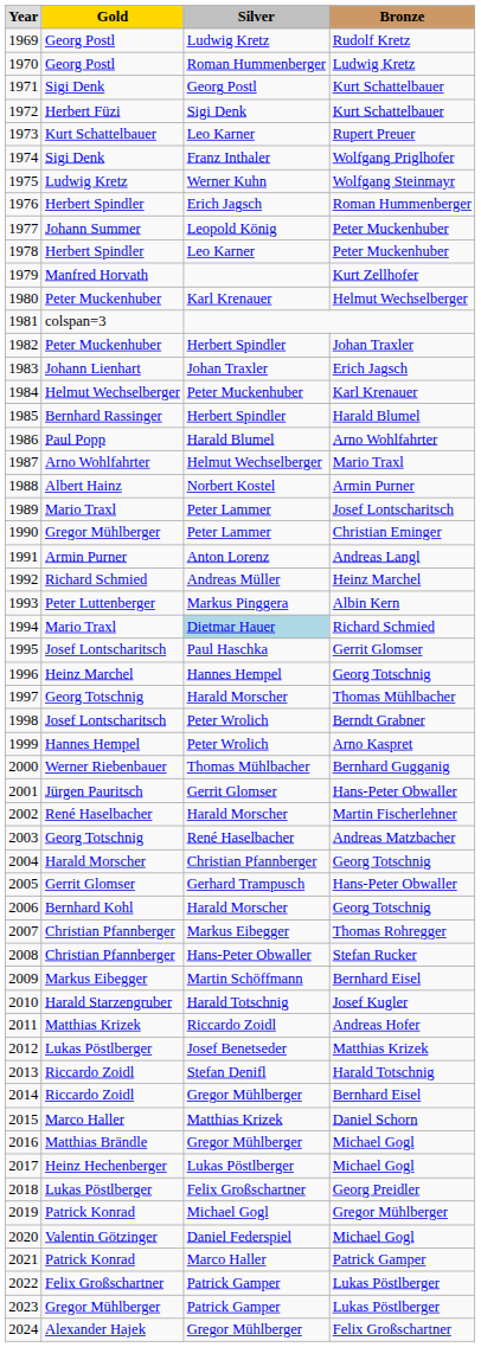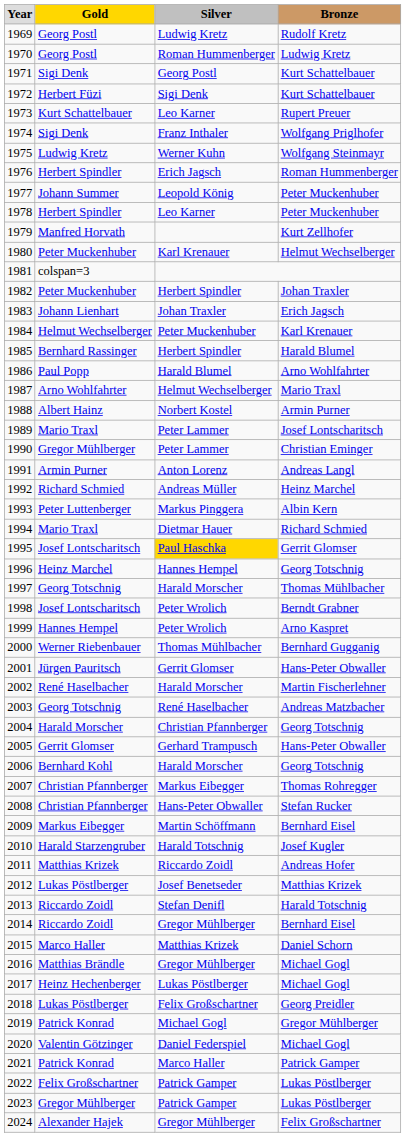 <table class="wikitable" style="text-align:left;">
 <tr>
 <td style="background:#DDDDDD; font-weight:bold; text-align:center;">Year</td>
 <td style="background:gold; font-weight:bold; text-align:center;">Gold</td>
 <td style="background:silver; font-weight:bold; text-align:center;">Silver</td>
 <td style="background:#cc9966; font-weight:bold; text-align:center;">Bronze</td>
 </tr>
 <tr>
 <td>1969</td>
 <td><a href='#'>Georg Postl</a></td>
 <td><a href='#'>Ludwig Kretz</a></td>
 <td><a href='#'>Rudolf Kretz</a></td>
 </tr>
 <tr>
 <td>1970</td>
 <td><a href='#'>Georg Postl</a></td>
 <td><a href='#'>Roman Hummenberger</a></td>
 <td><a href='#'>Ludwig Kretz</a></td>
 </tr>
 <tr>
 <td>1971</td>
 <td><a href='#'>Sigi Denk</a></td>
 <td><a href='#'>Georg Postl</a></td>
 <td><a href='#'>Kurt Schattelbauer</a></td>
 </tr>
 <tr>
 <td>1972</td>
 <td><a href='#'>Herbert Füzi</a></td>
 <td><a href='#'>Sigi Denk</a></td>
 <td><a href='#'>Kurt Schattelbauer</a></td>
 </tr>
 <tr>
 <td>1973</td>
 <td><a href='#'>Kurt Schattelbauer</a></td>
 <td><a href='#'>Leo Karner</a></td>
 <td><a href='#'>Rupert Preuer</a></td>
 </tr>
 <tr>
 <td>1974</td>
 <td><a href='#'>Sigi Denk</a></td>
 <td><a href='#'>Franz Inthaler</a></td>
 <td><a href='#'>Wolfgang Priglhofer</a></td>
 </tr>
 <tr>
 <td>1975</td>
 <td><a href='#'>Ludwig Kretz</a></td>
 <td><a href='#'>Werner Kuhn</a></td>
 <td><a href='#'>Wolfgang Steinmayr</a></td>
 </tr>
 <tr>
 <td>1976</td>
 <td><a href='#'>Herbert Spindler</a></td>
 <td><a href='#'>Erich Jagsch</a></td>
 <td><a href='#'>Roman Hummenberger</a></td>
 </tr>
 <tr>
 <td>1977</td>
 <td><a href='#'>Johann Summer</a></td>
 <td><a href='#'>Leopold König</a></td>
 <td><a href='#'>Peter Muckenhuber</a></td>
 </tr>
 <tr>
 <td>1978</td>
 <td><a href='#'>Herbert Spindler</a></td>
 <td><a href='#'>Leo Karner</a></td>
 <td><a href='#'>Peter Muckenhuber</a></td>
 </tr>
 <tr>
 <td>1979</td>
 <td><a href='#'>Manfred Horvath</a></td>
 <td></td>
 <td><a href='#'>Kurt Zellhofer</a></td>
 </tr>
 <tr>
 <td>1980</td>
 <td><a href='#'>Peter Muckenhuber</a></td>
 <td><a href='#'>Karl Krenauer</a></td>
 <td><a href='#'>Helmut Wechselberger</a></td>
 </tr>
 <tr>
 <td>1981</td>
 <td>colspan=3 </td>
 </tr>
 <tr>
 <td>1982</td>
 <td><a href='#'>Peter Muckenhuber</a></td>
 <td><a href='#'>Herbert Spindler</a></td>
 <td><a href='#'>Johan Traxler</a></td>
 </tr>
 <tr>
 <td>1983</td>
 <td><a href='#'>Johann Lienhart</a></td>
 <td><a href='#'>Johan Traxler</a></td>
 <td><a href='#'>Erich Jagsch</a></td>
 </tr>
 <tr>
 <td>1984</td>
 <td><a href='#'>Helmut Wechselberger</a></td>
 <td><a href='#'>Peter Muckenhuber</a></td>
 <td><a href='#'>Karl Krenauer</a></td>
 </tr>
 <tr>
 <td>1985</td>
 <td><a href='#'>Bernhard Rassinger</a></td>
 <td><a href='#'>Herbert Spindler</a></td>
 <td><a href='#'>Harald Blumel</a></td>
 </tr>
 <tr>
 <td>1986</td>
 <td><a href='#'>Paul Popp</a></td>
 <td><a href='#'>Harald Blumel</a></td>
 <td><a href='#'>Arno Wohlfahrter</a></td>
 </tr>
 <tr>
 <td>1987</td>
 <td><a href='#'>Arno Wohlfahrter</a></td>
 <td><a href='#'>Helmut Wechselberger</a></td>
 <td><a href='#'>Mario Traxl</a></td>
 </tr>
 <tr>
 <td>1988</td>
 <td><a href='#'>Albert Hainz</a></td>
 <td><a href='#'>Norbert Kostel</a></td>
 <td><a href='#'>Armin Purner</a></td>
 </tr>
 <tr>
 <td>1989</td>
 <td><a href='#'>Mario Traxl</a></td>
 <td><a href='#'>Peter Lammer</a></td>
 <td><a href='#'>Josef Lontscharitsch</a></td>
 </tr>
 <tr>
 <td>1990</td>
 <td><a href='#'>Gregor Mühlberger</a></td>
 <td><a href='#'>Peter Lammer</a></td>
 <td><a href='#'>Christian Eminger</a></td>
 </tr>
 <tr>
 <td>1991</td>
 <td><a href='#'>Armin Purner</a></td>
 <td><a href='#'>Anton Lorenz</a></td>
 <td><a href='#'>Andreas Langl</a></td>
 </tr>
 <tr>
 <td>1992</td>
 <td><a href='#'>Richard Schmied</a></td>
 <td><a href='#'>Andreas Müller</a></td>
 <td><a href='#'>Heinz Marchel</a></td>
 </tr>
 <tr>
 <td>1993</td>
 <td><a href='#'>Peter Luttenberger</a></td>
 <td><a href='#'>Markus Pinggera</a></td>
 <td><a href='#'>Albin Kern</a></td>
 </tr>
 <tr>
 <td>1994</td>
 <td><a href='#'>Mario Traxl</a></td>
-<td style="background: lightblue;"><a href='#'>Dietmar Hauer</a></td>
+<td><a href='#'>Dietmar Hauer</a></td>
 <td><a href='#'>Richard Schmied</a></td>
 </tr>
 <tr>
 <td>1995</td>
 <td><a href='#'>Josef Lontscharitsch</a></td>
-<td><a href='#'>Paul Haschka</a></td>
+<td style="background: gold;"><a href='#'>Paul Haschka</a></td>
 <td><a href='#'>Gerrit Glomser</a></td>
 </tr>
 <tr>
 <td>1996</td>
 <td><a href='#'>Heinz Marchel</a></td>
 <td><a href='#'>Hannes Hempel</a></td>
 <td><a href='#'>Georg Totschnig</a></td>
 </tr>
 <tr>
 <td>1997</td>
 <td><a href='#'>Georg Totschnig</a></td>
 <td><a href='#'>Harald Morscher</a></td>
 <td><a href='#'>Thomas Mühlbacher</a></td>
 </tr>
 <tr>
 <td>1998</td>
 <td><a href='#'>Josef Lontscharitsch</a></td>
 <td><a href='#'>Peter Wrolich</a></td>
 <td><a href='#'>Berndt Grabner</a></td>
 </tr>
 <tr>
 <td>1999</td>
 <td><a href='#'>Hannes Hempel</a></td>
 <td><a href='#'>Peter Wrolich</a></td>
 <td><a href='#'>Arno Kaspret</a></td>
 </tr>
 <tr>
 <td>2000</td>
 <td><a href='#'>Werner Riebenbauer</a></td>
 <td><a href='#'>Thomas Mühlbacher</a></td>
 <td><a href='#'>Bernhard Gugganig</a></td>
 </tr>
 <tr>
 <td>2001</td>
 <td><a href='#'>Jürgen Pauritsch</a></td>
 <td><a href='#'>Gerrit Glomser</a></td>
 <td><a href='#'>Hans-Peter Obwaller</a></td>
 </tr>
 <tr>
 <td>2002</td>
 <td><a href='#'>René Haselbacher</a></td>
 <td><a href='#'>Harald Morscher</a></td>
 <td><a href='#'>Martin Fischerlehner</a></td>
 </tr>
 <tr>
 <td>2003</td>
 <td><a href='#'>Georg Totschnig</a></td>
 <td><a href='#'>René Haselbacher</a></td>
 <td><a href='#'>Andreas Matzbacher</a></td>
 </tr>
 <tr>
 <td>2004</td>
 <td><a href='#'>Harald Morscher</a></td>
 <td><a href='#'>Christian Pfannberger</a></td>
 <td><a href='#'>Georg Totschnig</a></td>
 </tr>
 <tr>
 <td>2005</td>
 <td><a href='#'>Gerrit Glomser</a></td>
 <td><a href='#'>Gerhard Trampusch</a></td>
 <td><a href='#'>Hans-Peter Obwaller</a></td>
 </tr>
 <tr>
 <td>2006</td>
 <td><a href='#'>Bernhard Kohl</a></td>
 <td><a href='#'>Harald Morscher</a></td>
 <td><a href='#'>Georg Totschnig</a></td>
 </tr>
 <tr>
 <td>2007</td>
 <td><a href='#'>Christian Pfannberger</a></td>
 <td><a href='#'>Markus Eibegger</a></td>
 <td><a href='#'>Thomas Rohregger</a></td>
 </tr>
 <tr>
 <td>2008</td>
 <td><a href='#'>Christian Pfannberger</a></td>
 <td><a href='#'>Hans-Peter Obwaller</a></td>
 <td><a href='#'>Stefan Rucker</a></td>
 </tr>
 <tr>
 <td>2009</td>
 <td><a href='#'>Markus Eibegger</a></td>
 <td><a href='#'>Martin Schöffmann</a></td>
 <td><a href='#'>Bernhard Eisel</a></td>
 </tr>
 <tr>
 <td>2010</td>
 <td><a href='#'>Harald Starzengruber</a></td>
 <td><a href='#'>Harald Totschnig</a></td>
 <td><a href='#'>Josef Kugler</a></td>
 </tr>
 <tr>
 <td>2011</td>
 <td><a href='#'>Matthias Krizek</a></td>
 <td><a href='#'>Riccardo Zoidl</a></td>
 <td><a href='#'>Andreas Hofer</a></td>
 </tr>
 <tr>
 <td>2012</td>
 <td><a href='#'>Lukas Pöstlberger</a></td>
 <td><a href='#'>Josef Benetseder</a></td>
 <td><a href='#'>Matthias Krizek</a></td>
 </tr>
 <tr>
 <td>2013</td>
 <td><a href='#'>Riccardo Zoidl</a></td>
 <td><a href='#'>Stefan Denifl</a></td>
 <td><a href='#'>Harald Totschnig</a></td>
 </tr>
 <tr>
 <td>2014</td>
 <td><a href='#'>Riccardo Zoidl</a></td>
 <td><a href='#'>Gregor Mühlberger</a></td>
 <td><a href='#'>Bernhard Eisel</a></td>
 </tr>
 <tr>
 <td>2015</td>
 <td><a href='#'>Marco Haller</a></td>
 <td><a href='#'>Matthias Krizek</a></td>
 <td><a href='#'>Daniel Schorn</a></td>
 </tr>
 <tr>
 <td>2016</td>
 <td><a href='#'>Matthias Brändle</a></td>
 <td><a href='#'>Gregor Mühlberger</a></td>
 <td><a href='#'>Michael Gogl</a></td>
 </tr>
 <tr>
 <td>2017</td>
 <td><a href='#'>Heinz Hechenberger</a></td>
 <td><a href='#'>Lukas Pöstlberger</a></td>
 <td><a href='#'>Michael Gogl</a></td>
 </tr>
 <tr>
 <td>2018</td>
 <td><a href='#'>Lukas Pöstlberger</a></td>
 <td><a href='#'>Felix Großschartner</a></td>
 <td><a href='#'>Georg Preidler</a></td>
 </tr>
 <tr>
 <td>2019</td>
 <td><a href='#'>Patrick Konrad</a></td>
 <td><a href='#'>Michael Gogl</a></td>
 <td><a href='#'>Gregor Mühlberger</a></td>
 </tr>
 <tr>
 <td>2020</td>
 <td><a href='#'>Valentin Götzinger</a></td>
 <td><a href='#'>Daniel Federspiel</a></td>
 <td><a href='#'>Michael Gogl</a></td>
 </tr>
 <tr>
 <td>2021</td>
 <td><a href='#'>Patrick Konrad</a></td>
 <td><a href='#'>Marco Haller</a></td>
 <td><a href='#'>Patrick Gamper</a></td>
 </tr>
 <tr>
 <td>2022</td>
 <td><a href='#'>Felix Großschartner</a></td>
 <td><a href='#'>Patrick Gamper</a></td>
 <td><a href='#'>Lukas Pöstlberger</a></td>
 </tr>
 <tr>
 <td>2023</td>
 <td><a href='#'>Gregor Mühlberger</a></td>
 <td><a href='#'>Patrick Gamper</a></td>
 <td><a href='#'>Lukas Pöstlberger</a></td>
 </tr>
 <tr>
 <td>2024</td>
 <td><a href='#'>Alexander Hajek</a></td>
 <td><a href='#'>Gregor Mühlberger</a></td>
 <td><a href='#'>Felix Großschartner</a></td>
 </tr>
 </table>
